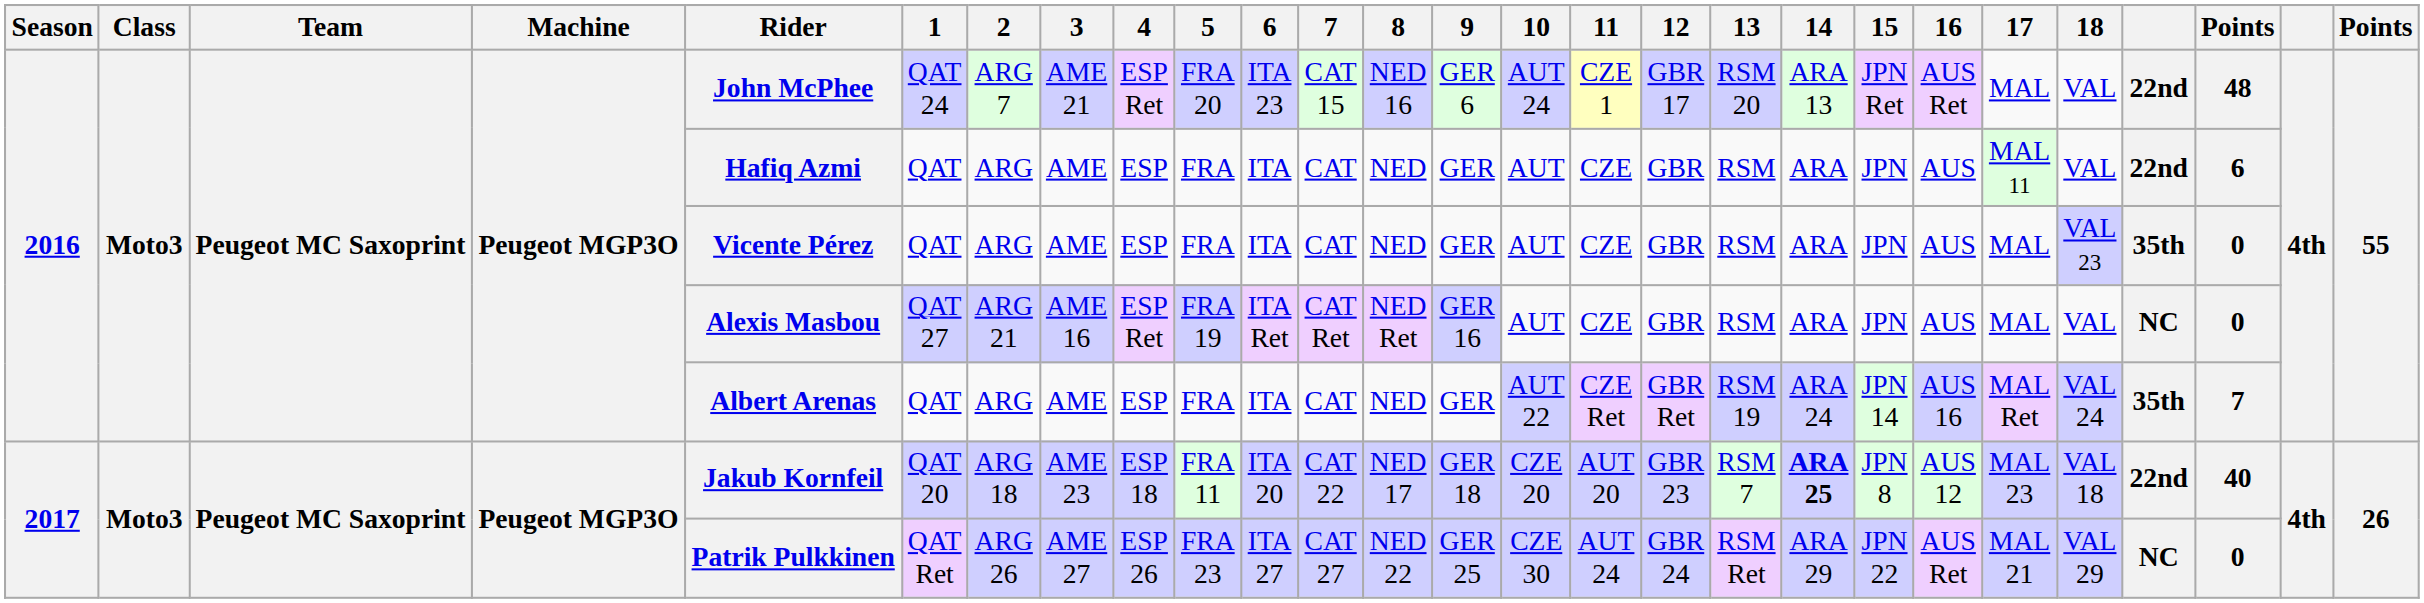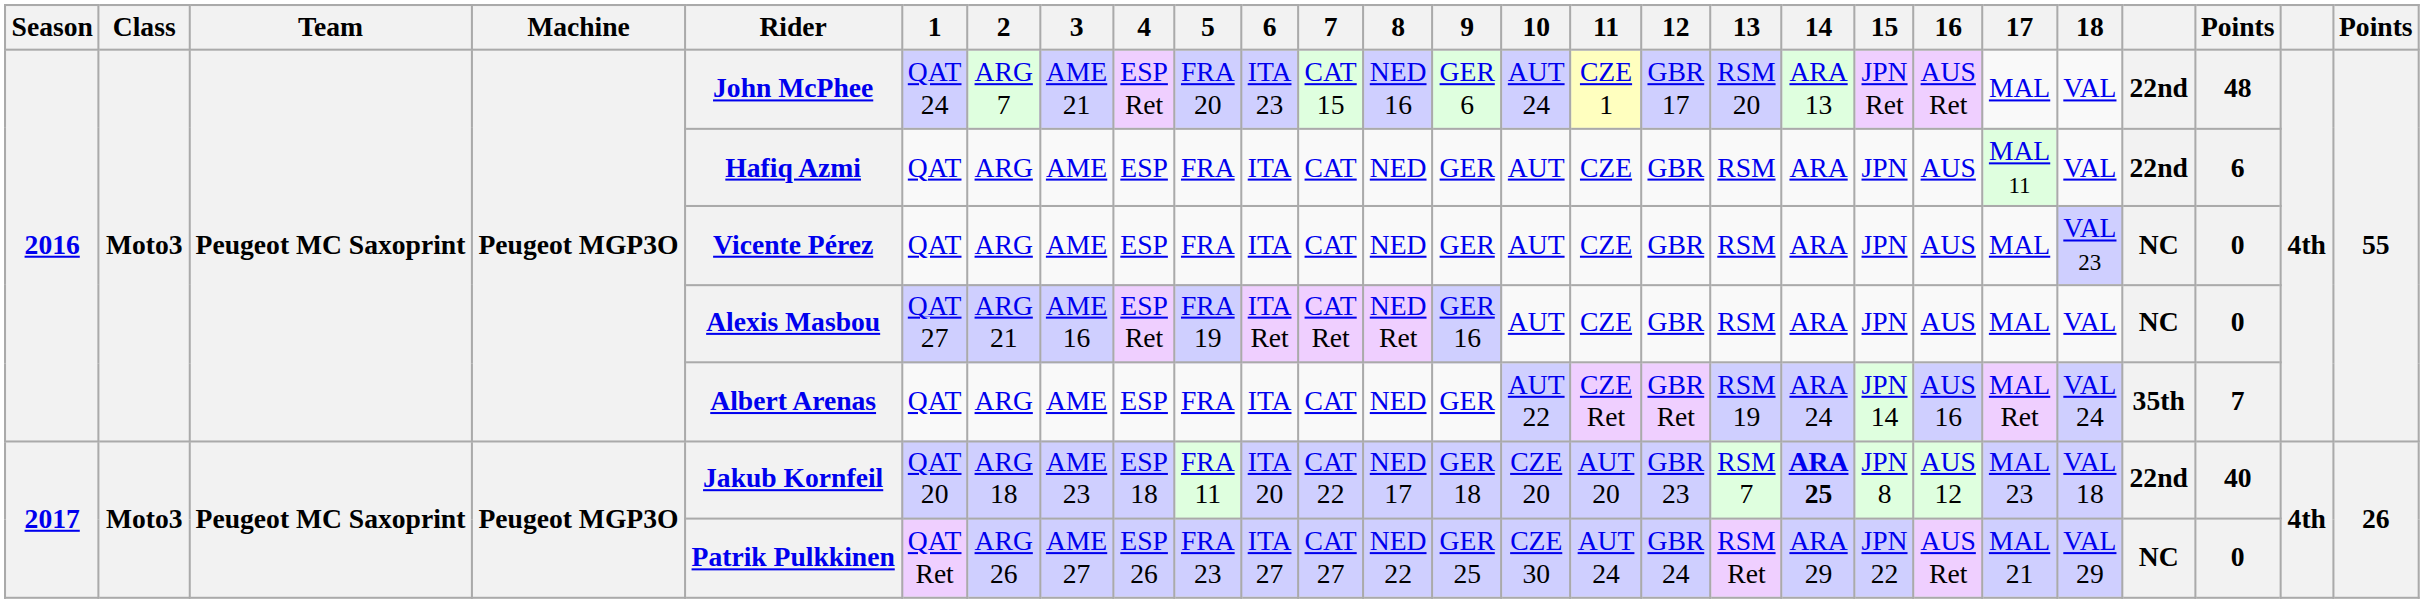 <table class="wikitable" style="font-size: 85%; text-align:center">
 <tr>
 <th>Season</th>
 <th>Class</th>
 <th>Team</th>
 <th>Machine</th>
 <th>Rider</th>
 <th>1</th>
 <th>2</th>
 <th>3</th>
 <th>4</th>
 <th>5</th>
 <th>6</th>
 <th>7</th>
 <th>8</th>
 <th>9</th>
 <th>10</th>
 <th>11</th>
 <th>12</th>
 <th>13</th>
 <th>14</th>
 <th>15</th>
 <th>16</th>
 <th>17</th>
 <th>18</th>
 <th></th>
 <th>Points</th>
 <th></th>
 <th>Points</th>
 </tr>
 <tr>
 <th rowspan="5"><a href='#'>2016</a></th>
 <th rowspan="5">Moto3</th>
 <th rowspan="5">Peugeot MC Saxoprint</th>
 <th rowspan="5">Peugeot MGP3O</th>
 <th> <a href='#'>John McPhee</a></th>
 <td style="background:#cfcfff;"><a href='#'>QAT</a><br>24</td>
 <td style="background:#dfffdf;"><a href='#'>ARG</a><br>7</td>
 <td style="background:#cfcfff;"><a href='#'>AME</a><br>21</td>
 <td style="background:#efcfff;"><a href='#'>ESP</a><br>Ret</td>
 <td style="background:#cfcfff;"><a href='#'>FRA</a><br>20</td>
 <td style="background:#cfcfff;"><a href='#'>ITA</a><br>23</td>
 <td style="background:#dfffdf;"><a href='#'>CAT</a><br>15</td>
 <td style="background:#cfcfff;"><a href='#'>NED</a><br>16</td>
 <td style="background:#dfffdf;"><a href='#'>GER</a><br>6</td>
 <td style="background:#cfcfff;"><a href='#'>AUT</a><br>24</td>
 <td style="background:#ffffbf;"><a href='#'>CZE</a><br>1</td>
 <td style="background:#cfcfff;"><a href='#'>GBR</a><br>17</td>
 <td style="background:#cfcfff;"><a href='#'>RSM</a><br>20</td>
 <td style="background:#dfffdf;"><a href='#'>ARA</a><br>13</td>
 <td style="background:#efcfff;"><a href='#'>JPN</a><br>Ret</td>
 <td style="background:#efcfff;"><a href='#'>AUS</a><br>Ret</td>
 <td><a href='#'>MAL</a><br></td>
 <td><a href='#'>VAL</a><br></td>
 <th>22nd</th>
 <th>48</th>
 <th rowspan="5">4th</th>
 <th rowspan="5">55</th>
 </tr>
 <tr>
 <th> <a href='#'>Hafiq Azmi</a></th>
 <td><a href='#'>QAT</a><br></td>
 <td><a href='#'>ARG</a><br></td>
 <td><a href='#'>AME</a><br></td>
 <td><a href='#'>ESP</a><br></td>
 <td><a href='#'>FRA</a><br></td>
 <td><a href='#'>ITA</a><br></td>
 <td><a href='#'>CAT</a><br></td>
 <td><a href='#'>NED</a><br></td>
 <td><a href='#'>GER</a><br></td>
 <td><a href='#'>AUT</a><br></td>
 <td><a href='#'>CZE</a><br></td>
 <td><a href='#'>GBR</a><br></td>
 <td><a href='#'>RSM</a><br></td>
 <td><a href='#'>ARA</a><br></td>
 <td><a href='#'>JPN</a><br></td>
 <td><a href='#'>AUS</a><br></td>
 <td style="background:#dfffdf;"><a href='#'>MAL</a><br><small>11</small></td>
 <td><a href='#'>VAL</a><br></td>
 <th>22nd</th>
 <th>6</th>
 </tr>
 <tr>
 <th> <a href='#'>Vicente Pérez</a></th>
 <td><a href='#'>QAT</a><br></td>
 <td><a href='#'>ARG</a><br></td>
 <td><a href='#'>AME</a><br></td>
 <td><a href='#'>ESP</a><br></td>
 <td><a href='#'>FRA</a><br></td>
 <td><a href='#'>ITA</a><br></td>
 <td><a href='#'>CAT</a><br></td>
 <td><a href='#'>NED</a><br></td>
 <td><a href='#'>GER</a><br></td>
 <td><a href='#'>AUT</a><br></td>
 <td><a href='#'>CZE</a><br></td>
 <td><a href='#'>GBR</a><br></td>
 <td><a href='#'>RSM</a><br></td>
 <td><a href='#'>ARA</a><br></td>
 <td><a href='#'>JPN</a><br></td>
 <td><a href='#'>AUS</a><br></td>
 <td><a href='#'>MAL</a><br></td>
 <td style="background:#cfcfff;"><a href='#'>VAL</a><br><small>23</small></td>
-<th>35th</th>
+<th>NC</th>
 <th>0</th>
 </tr>
 <tr>
 <th> <a href='#'>Alexis Masbou</a></th>
 <td style="background:#cfcfff;"><a href='#'>QAT</a><br>27</td>
 <td style="background:#cfcfff;"><a href='#'>ARG</a><br>21</td>
 <td style="background:#cfcfff;"><a href='#'>AME</a><br>16</td>
 <td style="background:#efcfff;"><a href='#'>ESP</a><br>Ret</td>
 <td style="background:#cfcfff;"><a href='#'>FRA</a><br>19</td>
 <td style="background:#efcfff;"><a href='#'>ITA</a><br>Ret</td>
 <td style="background:#efcfff;"><a href='#'>CAT</a><br>Ret</td>
 <td style="background:#efcfff;"><a href='#'>NED</a><br>Ret</td>
 <td style="background:#cfcfff;"><a href='#'>GER</a><br>16</td>
 <td><a href='#'>AUT</a><br></td>
 <td><a href='#'>CZE</a><br></td>
 <td><a href='#'>GBR</a><br></td>
 <td><a href='#'>RSM</a><br></td>
 <td><a href='#'>ARA</a><br></td>
 <td><a href='#'>JPN</a><br></td>
 <td><a href='#'>AUS</a><br></td>
 <td><a href='#'>MAL</a><br></td>
 <td><a href='#'>VAL</a><br></td>
 <th>NC</th>
 <th>0</th>
 </tr>
 <tr>
 <th> <a href='#'>Albert Arenas</a></th>
 <td><a href='#'>QAT</a><br></td>
 <td><a href='#'>ARG</a><br></td>
 <td><a href='#'>AME</a><br></td>
 <td><a href='#'>ESP</a><br></td>
 <td><a href='#'>FRA</a><br></td>
 <td><a href='#'>ITA</a><br></td>
 <td><a href='#'>CAT</a><br></td>
 <td><a href='#'>NED</a><br></td>
 <td><a href='#'>GER</a><br></td>
 <td style="background:#cfcfff;"><a href='#'>AUT</a><br>22</td>
 <td style="background:#efcfff;"><a href='#'>CZE</a><br>Ret</td>
 <td style="background:#efcfff;"><a href='#'>GBR</a><br>Ret</td>
 <td style="background:#cfcfff;"><a href='#'>RSM</a><br>19</td>
 <td style="background:#cfcfff;"><a href='#'>ARA</a><br>24</td>
 <td style="background:#dfffdf;"><a href='#'>JPN</a><br>14</td>
 <td style="background:#cfcfff;"><a href='#'>AUS</a><br>16</td>
 <td style="background:#efcfff;"><a href='#'>MAL</a><br>Ret</td>
 <td style="background:#cfcfff;"><a href='#'>VAL</a><br>24</td>
 <th>35th</th>
 <th>7</th>
 </tr>
 <tr>
 <th rowspan="2"><a href='#'>2017</a></th>
 <th rowspan="2">Moto3</th>
 <th rowspan="2">Peugeot MC Saxoprint</th>
 <th rowspan="2">Peugeot MGP3O</th>
 <th> <a href='#'>Jakub Kornfeil</a></th>
 <td style="background:#cfcfff;"><a href='#'>QAT</a><br>20</td>
 <td style="background:#cfcfff;"><a href='#'>ARG</a><br>18</td>
 <td style="background:#cfcfff;"><a href='#'>AME</a><br>23</td>
 <td style="background:#cfcfff;"><a href='#'>ESP</a><br>18</td>
 <td style="background:#dfffdf;"><a href='#'>FRA</a><br>11</td>
 <td style="background:#cfcfff;"><a href='#'>ITA</a><br>20</td>
 <td style="background:#cfcfff;"><a href='#'>CAT</a><br>22</td>
 <td style="background:#cfcfff;"><a href='#'>NED</a><br>17</td>
 <td style="background:#cfcfff;"><a href='#'>GER</a><br>18</td>
 <td style="background:#cfcfff;"><a href='#'>CZE</a><br>20</td>
 <td style="background:#cfcfff;"><a href='#'>AUT</a><br>20</td>
 <td style="background:#cfcfff;"><a href='#'>GBR</a><br>23</td>
 <td style="background:#dfffdf;"><a href='#'>RSM</a><br>7</td>
 <td style="background:#cfcfff;"><strong><a href='#'>ARA</a><br>25</strong></td>
 <td style="background:#dfffdf;"><a href='#'>JPN</a><br>8</td>
 <td style="background:#dfffdf;"><a href='#'>AUS</a><br>12</td>
 <td style="background:#cfcfff;"><a href='#'>MAL</a><br>23</td>
 <td style="background:#cfcfff;"><a href='#'>VAL</a><br>18</td>
 <th>22nd</th>
 <th>40</th>
 <th rowspan="2">4th</th>
 <th rowspan="2">26</th>
 </tr>
 <tr>
 <th> <a href='#'>Patrik Pulkkinen</a></th>
 <td style="background:#efcfff;"><a href='#'>QAT</a><br> Ret</td>
 <td style="background:#cfcfff;"><a href='#'>ARG</a><br>26</td>
 <td style="background:#cfcfff;"><a href='#'>AME</a><br>27</td>
 <td style="background:#cfcfff;"><a href='#'>ESP</a><br>26</td>
 <td style="background:#cfcfff;"><a href='#'>FRA</a><br>23</td>
 <td style="background:#cfcfff;"><a href='#'>ITA</a><br>27</td>
 <td style="background:#cfcfff;"><a href='#'>CAT</a><br>27</td>
 <td style="background:#cfcfff;"><a href='#'>NED</a><br>22</td>
 <td style="background:#cfcfff;"><a href='#'>GER</a><br>25</td>
 <td style="background:#cfcfff;"><a href='#'>CZE</a><br>30</td>
 <td style="background:#cfcfff;"><a href='#'>AUT</a><br>24</td>
 <td style="background:#cfcfff;"><a href='#'>GBR</a><br>24</td>
 <td style="background:#efcfff;"><a href='#'>RSM</a><br> Ret</td>
 <td style="background:#cfcfff;"><a href='#'>ARA</a><br>29</td>
 <td style="background:#cfcfff;"><a href='#'>JPN</a><br>22</td>
 <td style="background:#efcfff;"><a href='#'>AUS</a><br> Ret</td>
 <td style="background:#cfcfff;"><a href='#'>MAL</a><br>21</td>
 <td style="background:#cfcfff;"><a href='#'>VAL</a><br>29</td>
 <th>NC</th>
 <th>0</th>
 </tr>
 </table>
